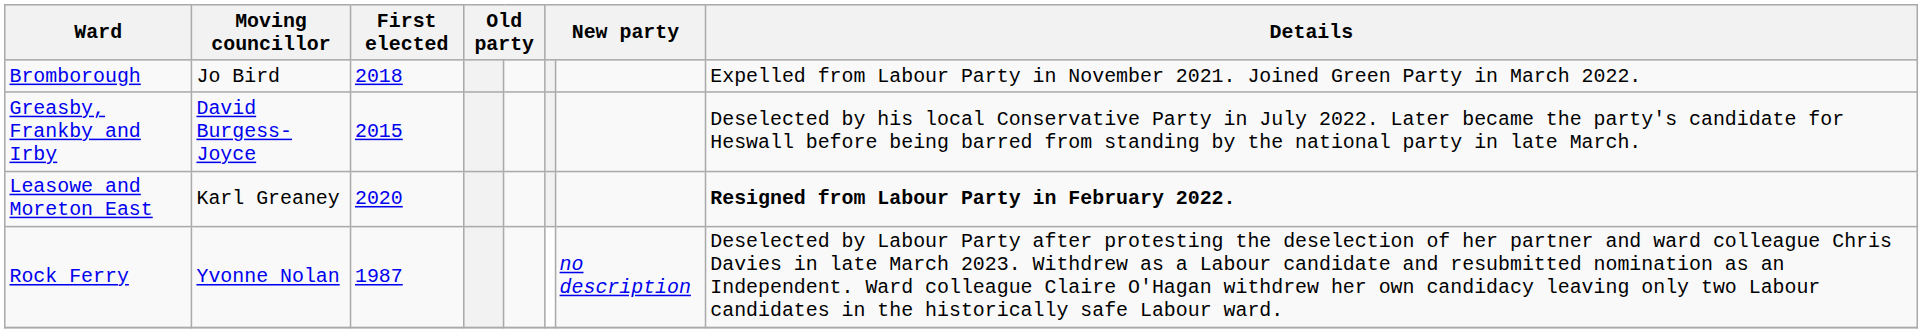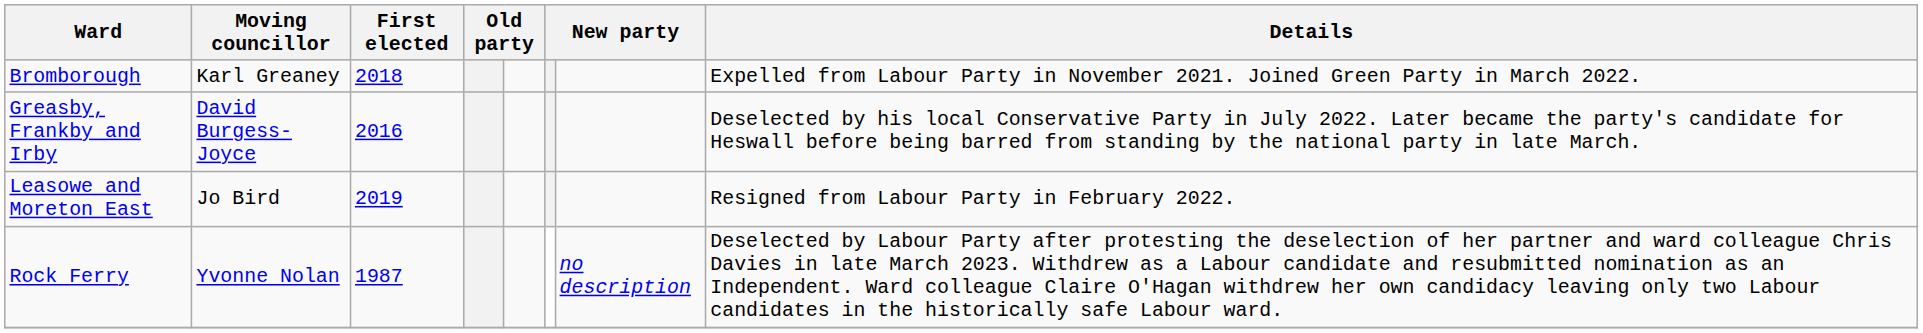 <table class="wikitable sortable">
 <tr>
 <th>Ward</th>
 <th>Moving councillor</th>
 <th>First elected</th>
 <th colspan="2">Old party</th>
 <th colspan="2">New party</th>
 <th>Details</th>
 </tr>
 <tr>
 <td align="left"><a href='#'>Bromborough</a></td>
-<td align="left">Jo Bird</td>
+<td align="left">Karl Greaney</td>
 <td align="left"><a href='#'>2018</a></td>
 <th style="background-color: "></th>
 <td><a href='#'></a></td>
 <th style="background-color: "></th>
 <td><a href='#'></a></td>
 <td>Expelled from Labour Party in November 2021. Joined Green Party in March 2022.</td>
 </tr>
 <tr>
 <td align="left"><a href='#'>Greasby, Frankby and Irby</a></td>
 <td align="left"><a href='#'>David Burgess-Joyce</a></td>
-<td align="left"><a href='#'>2015</a></td>
+<td align="left"><a href='#'>2016</a></td>
 <th style="background-color: "></th>
 <td><a href='#'></a></td>
 <th style="background-color: "></th>
 <td><a href='#'></a></td>
 <td>Deselected by his local Conservative Party in July 2022. Later became the party's candidate for Heswall before being barred from standing by the national party in late March.</td>
 </tr>
 <tr>
 <td align ="left"><a href='#'>Leasowe and Moreton East</a></td>
-<td align="left">Karl Greaney</td>
-<td align="left"><a href='#'>2020</a></td>
+<td align="left">Jo Bird</td>
+<td align="left"><a href='#'>2019</a></td>
 <th style="background-color: "></th>
 <td><a href='#'></a></td>
 <th style="background-color: "></th>
 <td><a href='#'></a></td>
-<td><strong>Resigned from Labour Party in February 2022.</strong></td>
+<td>Resigned from Labour Party in February 2022.</td>
 </tr>
 <tr>
 <td align="left"><a href='#'>Rock Ferry</a></td>
 <td align="left"><a href='#'>Yvonne Nolan</a></td>
 <td align="left"><a href='#'>1987</a></td>
 <th style="background-color: "></th>
 <td><a href='#'></a></td>
 <th style="background-color: white"></th>
 <td><a href='#'><em>no description</em></a></td>
 <td>Deselected by Labour Party after protesting the deselection of her partner and ward colleague Chris Davies in late March 2023. Withdrew as a Labour candidate and resubmitted nomination as an Independent. Ward colleague Claire O'Hagan withdrew her own candidacy leaving only two Labour candidates in the historically safe Labour ward.</td>
 </tr>
 <tr>
 </tr>
 </table>
